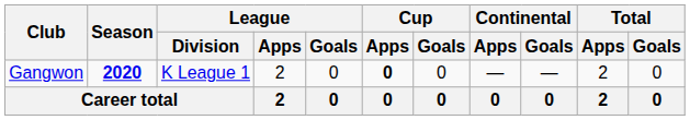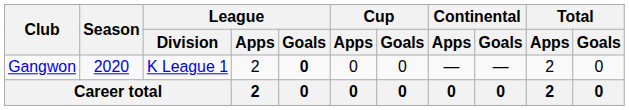 <table class=wikitable style=text-align:center>
 <tr>
 <th rowspan=2>Club</th>
 <th rowspan=2>Season</th>
 <th colspan=3>League</th>
 <th colspan=2>Cup</th>
 <th colspan=2>Continental</th>
 <th colspan=2>Total</th>
 </tr>
 <tr>
 <th>Division</th>
 <th>Apps</th>
 <th>Goals</th>
 <th>Apps</th>
 <th>Goals</th>
 <th>Apps</th>
 <th>Goals</th>
 <th>Apps</th>
 <th>Goals</th>
 </tr>
 <tr>
 <td rowspan=1><a href='#'>Gangwon</a></td>
-<td><strong><a href='#'>2020</a></strong></td>
+<td><a href='#'>2020</a></td>
 <td><a href='#'>K League 1</a></td>
 <td>2</td>
+<td><strong>0</strong></td>
 <td>0</td>
-<td><strong>0</strong></td>
 <td>0</td>
 <td>—</td>
 <td>—</td>
 <td>2</td>
 <td>0</td>
 </tr>
 <tr>
 <th colspan=3>Career total</th>
 <th>2</th>
 <th>0</th>
 <th>0</th>
 <th>0</th>
 <th>0</th>
 <th>0</th>
 <th>2</th>
 <th>0</th>
 </tr>
 </table>
